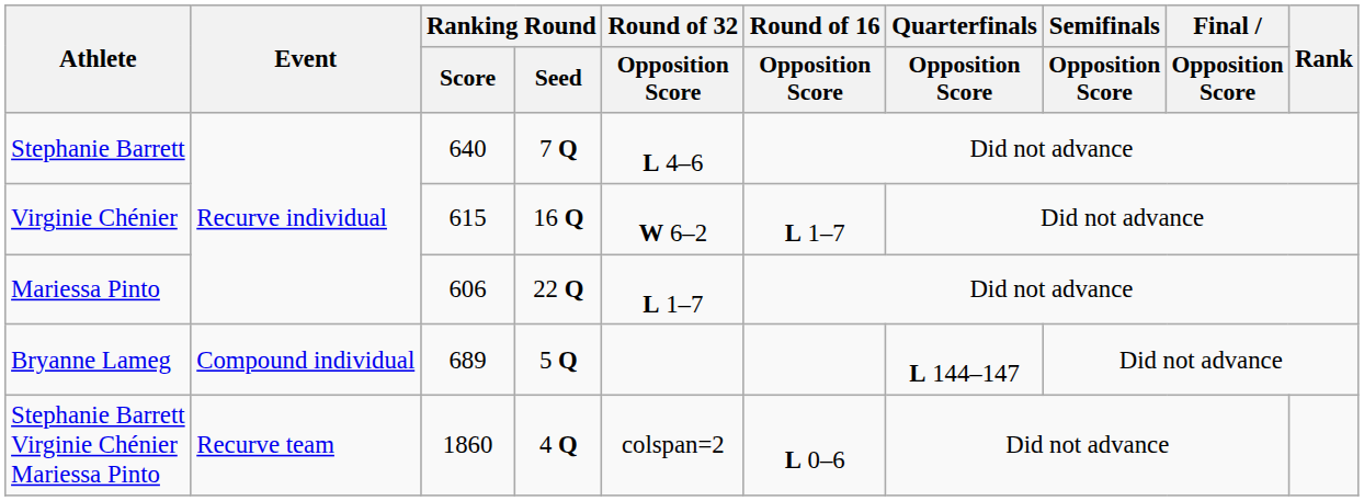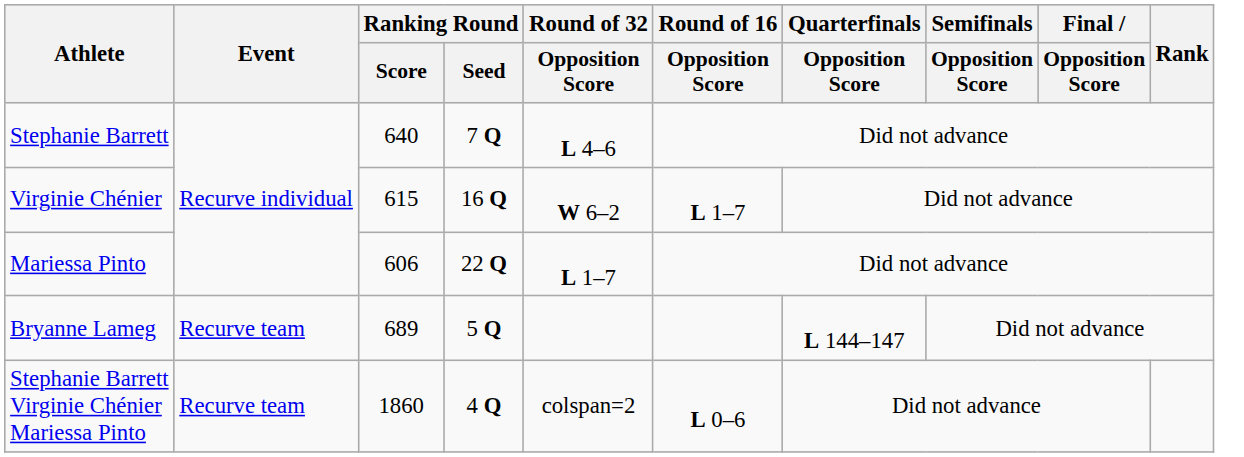 <table class="wikitable" style="font-size:90%">
 <tr>
 <th rowspan="2">Athlete</th>
 <th rowspan="2">Event</th>
 <th colspan="2">Ranking Round</th>
 <th>Round of 32</th>
 <th>Round of 16</th>
 <th>Quarterfinals</th>
 <th>Semifinals</th>
 <th>Final / </th>
 <th rowspan="2">Rank</th>
 </tr>
 <tr style="font-size:95%">
 <th>Score</th>
 <th>Seed</th>
 <th>Opposition<br>Score</th>
 <th>Opposition<br>Score</th>
 <th>Opposition<br>Score</th>
 <th>Opposition<br>Score</th>
 <th>Opposition<br>Score</th>
 </tr>
 <tr align=center>
 <td align=left><a href='#'>Stephanie Barrett</a></td>
 <td align=left rowspan=3><a href='#'>Recurve individual</a></td>
 <td>640</td>
 <td>7 <strong>Q</strong></td>
 <td><br><strong>L</strong> 4–6</td>
 <td colspan=5>Did not advance</td>
 </tr>
 <tr align=center>
 <td align=left><a href='#'>Virginie Chénier</a></td>
 <td>615</td>
 <td>16 <strong>Q</strong></td>
 <td><br><strong>W</strong> 6–2</td>
 <td><br><strong>L</strong> 1–7</td>
 <td colspan=4>Did not advance</td>
 </tr>
 <tr align=center>
 <td align=left><a href='#'>Mariessa Pinto</a></td>
 <td>606</td>
 <td>22 <strong>Q</strong></td>
 <td><br><strong>L</strong> 1–7</td>
 <td colspan=5>Did not advance</td>
 </tr>
 <tr align=center>
 <td align=left><a href='#'>Bryanne Lameg</a></td>
-<td align=left><a href='#'>Compound individual</a></td>
+<td align=left><a href='#'>Recurve team</a></td>
 <td>689</td>
 <td>5 <strong>Q</strong></td>
 <td></td>
 <td></td>
 <td><br><strong>L</strong> 144–147</td>
 <td colspan=3>Did not advance</td>
 </tr>
 <tr align=center>
 <td align=left><a href='#'>Stephanie Barrett</a><br><a href='#'>Virginie Chénier</a><br><a href='#'>Mariessa Pinto</a></td>
 <td align=left><a href='#'>Recurve team</a></td>
 <td>1860</td>
 <td>4 <strong>Q</strong></td>
 <td>colspan=2 </td>
 <td><br><strong>L</strong> 0–6</td>
 <td colspan=3>Did not advance</td>
 </tr>
 </table>
